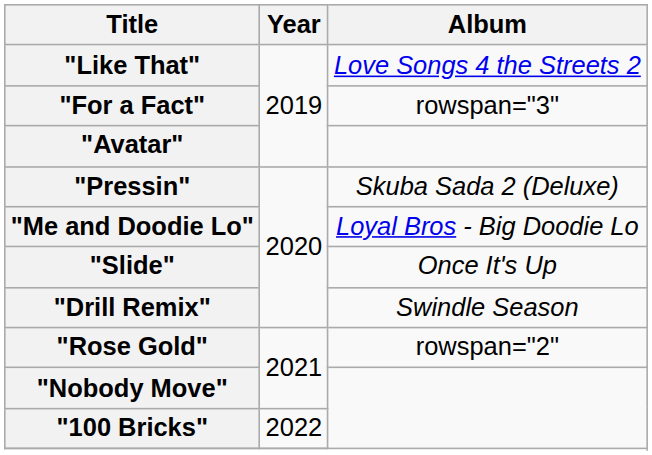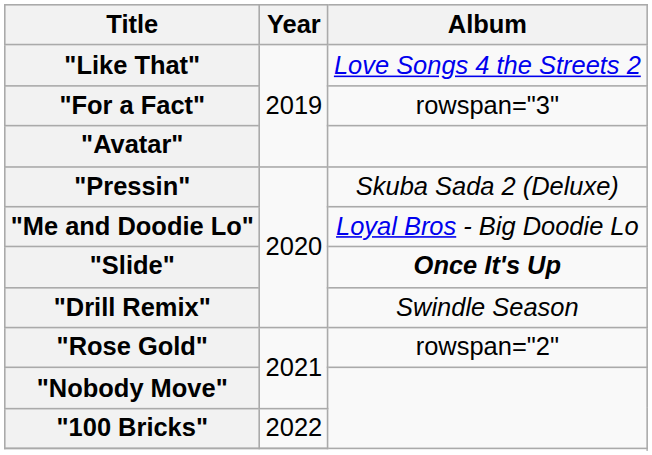 <table class="wikitable plainrowheaders" style="text-align:center;">
 <tr>
 <th scope="col">Title</th>
 <th scope="col">Year</th>
 <th scope="col">Album</th>
 </tr>
 <tr>
 <th scope="row">"Like That"<br></th>
 <td rowspan="3">2019</td>
 <td><em><a href='#'>Love Songs 4 the Streets 2</a></em></td>
 </tr>
 <tr>
 <th scope="row">"For a Fact"<br></th>
 <td>rowspan="3" </td>
 </tr>
 <tr>
 <th scope="row">"Avatar"<br></th>
 </tr>
 <tr>
 <th scope="row">"Pressin"<br></th>
 <td rowspan="4">2020</td>
 <td><em>Skuba Sada 2 (Deluxe)</em></td>
 </tr>
 <tr>
 <th scope="row">"Me and Doodie Lo"<br></th>
 <td><em><a href='#'>Loyal Bros</a> - Big Doodie Lo</em></td>
 </tr>
 <tr>
 <th scope="row">"Slide"<br></th>
-<td><em>Once It's Up</em></td>
+<td><strong><em>Once It's Up</em></strong></td>
 </tr>
 <tr>
 <th scope="row">"Drill Remix"<br></th>
 <td><em>Swindle Season</em></td>
 </tr>
 <tr>
 <th scope="row">"Rose Gold"<br></th>
 <td rowspan="2">2021</td>
 <td>rowspan="2" </td>
 </tr>
 <tr>
 <th scope="row">"Nobody Move"<br></th>
 </tr>
 <tr>
 <th scope="row">"100 Bricks"<br></th>
 <td>2022</td>
 </tr>
 <tr>
 </tr>
 </table>
